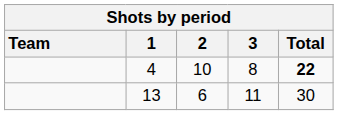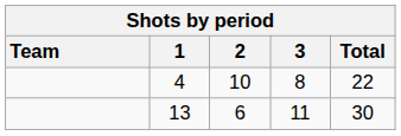 <table class="wikitable" style="width:20em; text-align:right;">
 <tr>
 <th colspan="6">Shots by period</th>
 </tr>
 <tr>
 <th style="width:8em; text-align:left;">Team</th>
 <th style="width:3em;">1</th>
 <th style="width:3em;">2</th>
 <th style="width:3em;">3</th>
 <th style="width:3em;">Total</th>
 </tr>
 <tr style="text-align:center;">
 <td style="text-align:left;"></td>
 <td>4</td>
 <td>10</td>
 <td>8</td>
-<td><strong>22</strong></td>
+<td>22</td>
 </tr>
 <tr style="text-align:center;">
 <td style="text-align:left;"></td>
 <td>13</td>
 <td>6</td>
 <td>11</td>
 <td>30</td>
 </tr>
 </table>
